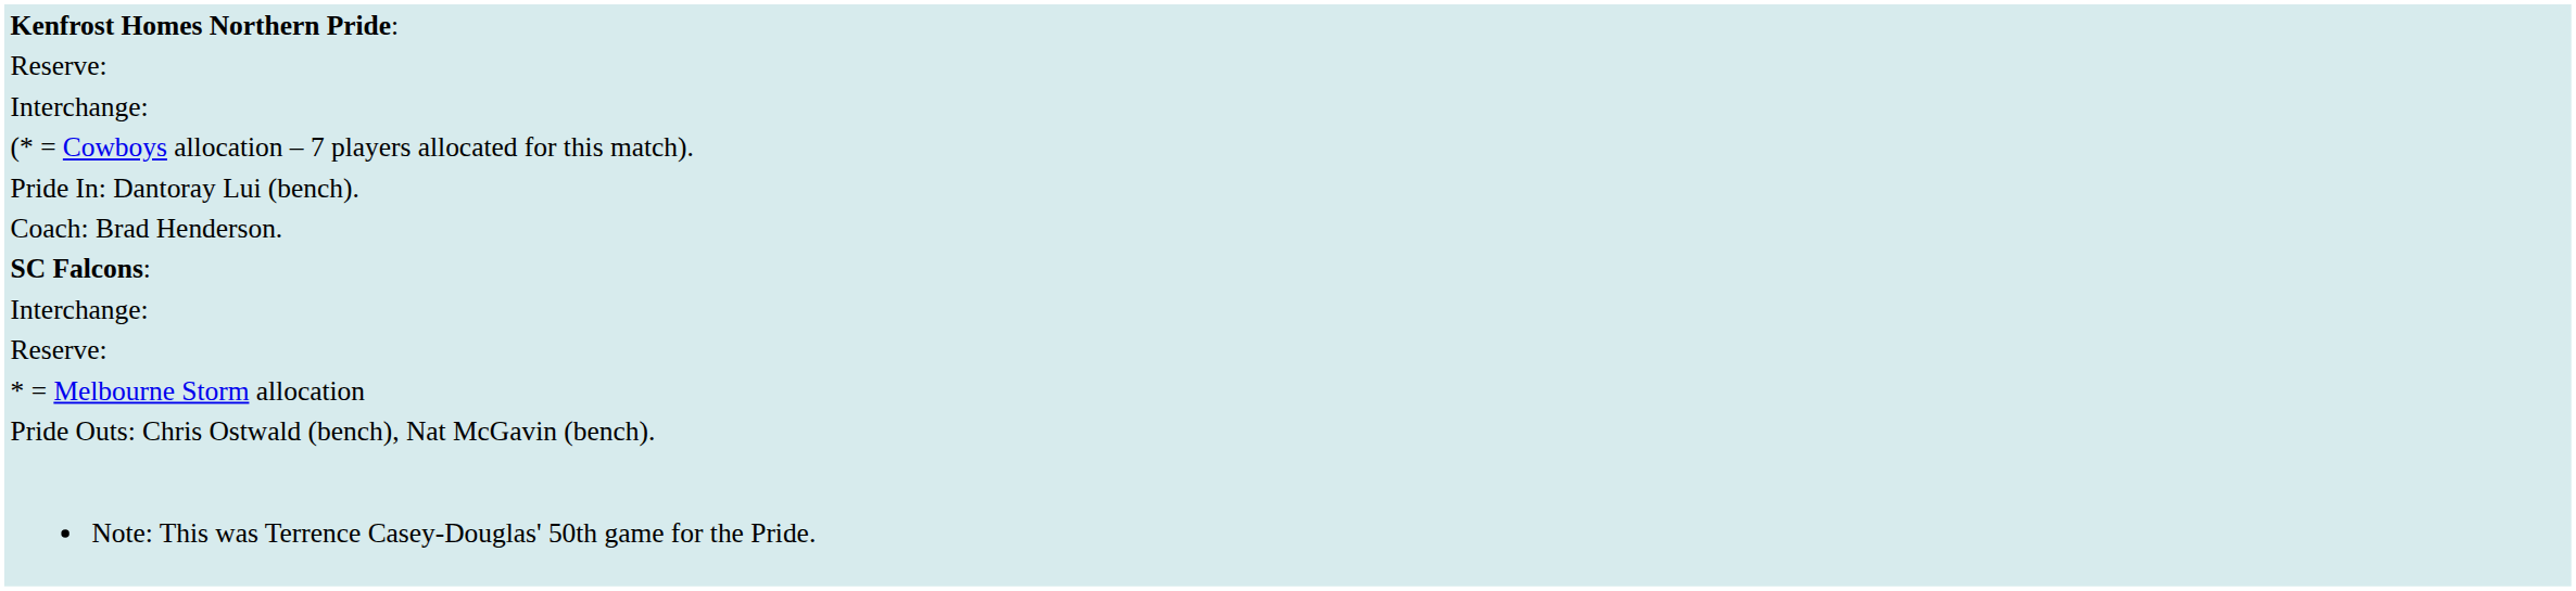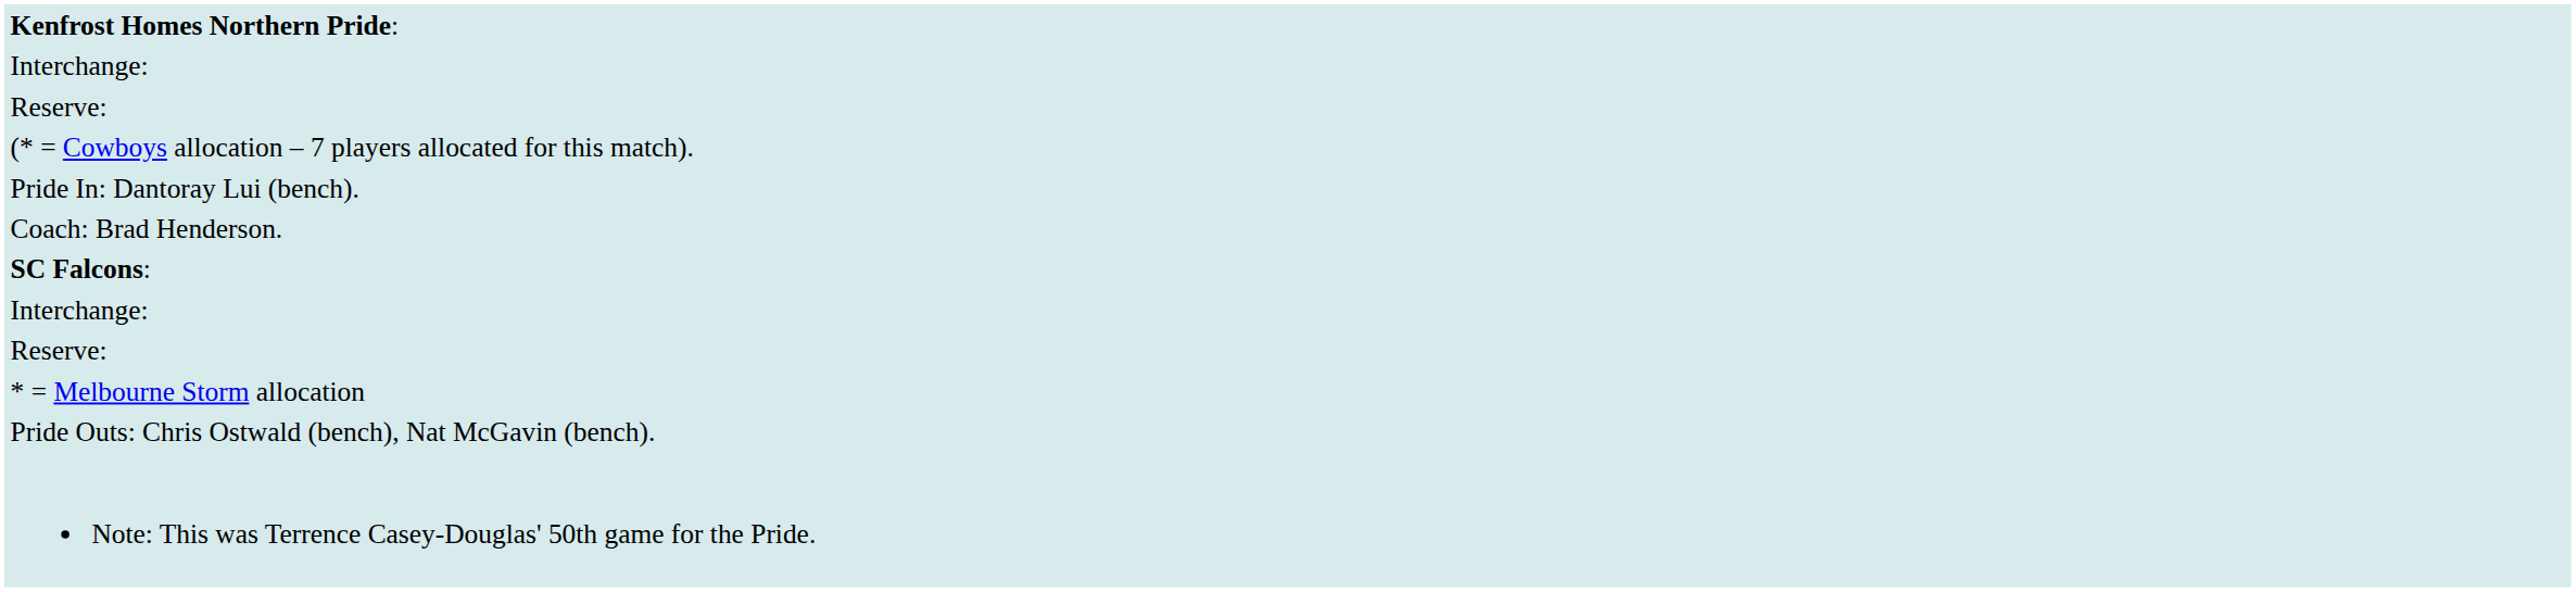 <table style="background:#d7ebed; font-size:85%; width:100%;">
 <tr>
 <td><strong>Kenfrost Homes Northern Pride</strong>:             </td>
 </tr>
 <tr>
-<td>Reserve: </td>
+<td>Interchange:    </td>
 </tr>
 <tr>
-<td>Interchange:    </td>
+<td>Reserve: </td>
 </tr>
 <tr>
 <td>(* = <a href='#'>Cowboys</a> allocation – 7 players allocated for this match).</td>
 </tr>
 <tr>
 <td>Pride In: Dantoray Lui (bench).</td>
 </tr>
 <tr>
 <td>Coach: Brad Henderson.</td>
 </tr>
 <tr>
 <td><strong>SC Falcons</strong>:             </td>
 </tr>
 <tr>
 <td>Interchange:    </td>
 </tr>
 <tr>
 <td>Reserve: </td>
 </tr>
 <tr>
 <td>* = <a href='#'>Melbourne Storm</a> allocation</td>
 </tr>
 <tr>
 <td>Pride Outs: Chris Ostwald (bench), Nat McGavin (bench).</td>
 </tr>
 <tr>
 <td><br><ul><li>Note: This was Terrence Casey-Douglas' 50th game for the Pride.</li></ul></td>
 </tr>
 <tr>
 </tr>
 </table>
